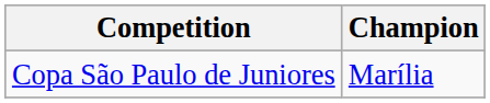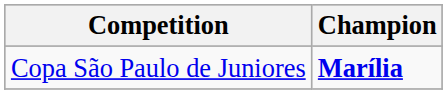 <table class="wikitable">
 <tr>
 <th>Competition</th>
 <th>Champion</th>
 </tr>
 <tr>
 <td><a href='#'>Copa São Paulo de Juniores</a></td>
-<td><a href='#'>Marília</a></td>
+<td><strong><a href='#'>Marília</a></strong></td>
 </tr>
 </table>
